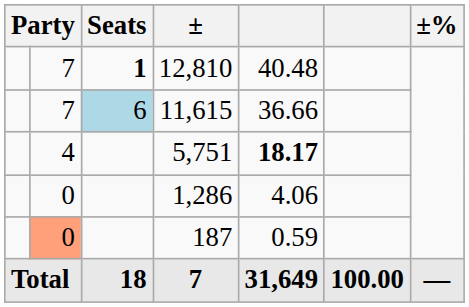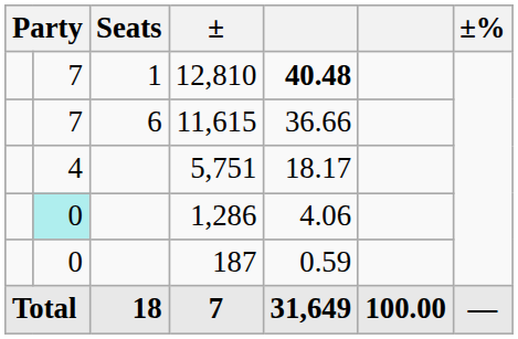 <table class=wikitable>
 <tr>
 <th colspan=2 align=center>Party</th>
 <th>Seats</th>
 <th>±</th>
 <th></th>
 <th></th>
 <th>±%</th>
 </tr>
 <tr>
 <td></td>
 <td align=right>7</td>
-<td align=right><strong> 1</strong></td>
+<td align=right> 1</td>
 <td align=right>12,810</td>
-<td align=right>40.48</td>
+<td align=right><strong>40.48</strong></td>
 <td align=right></td>
 </tr>
 <tr>
 <td></td>
 <td align=right>7</td>
-<td align=right style="background: lightblue;"> 6</td>
+<td align=right> 6</td>
 <td align=right>11,615</td>
 <td align=right>36.66</td>
 <td align=right></td>
 </tr>
 <tr>
 <td></td>
 <td align=right>4</td>
 <td align=right></td>
 <td align=right>5,751</td>
-<td align=right><strong>18.17</strong></td>
+<td align=right>18.17</td>
 <td align=right></td>
 </tr>
 <tr>
 <td></td>
-<td align=right>0</td>
+<td align=right style="background: paleturquoise;">0</td>
 <td align=right></td>
 <td align=right>1,286</td>
 <td align=right>4.06</td>
 <td align=right></td>
 </tr>
 <tr>
 <td></td>
-<td align=right style="background: lightsalmon;">0</td>
+<td align=right>0</td>
 <td align=right></td>
 <td align=right>187</td>
 <td align=right>0.59</td>
 <td align=right></td>
 </tr>
 <tr style="font-weight:bold; background:rgb(232,232,232);">
 <td colspan=2>Total</td>
 <td align=right>18</td>
 <td align=center> 7</td>
 <td align=right>31,649</td>
 <td align=center>100.00</td>
 <td align=center>—</td>
 </tr>
 </table>
